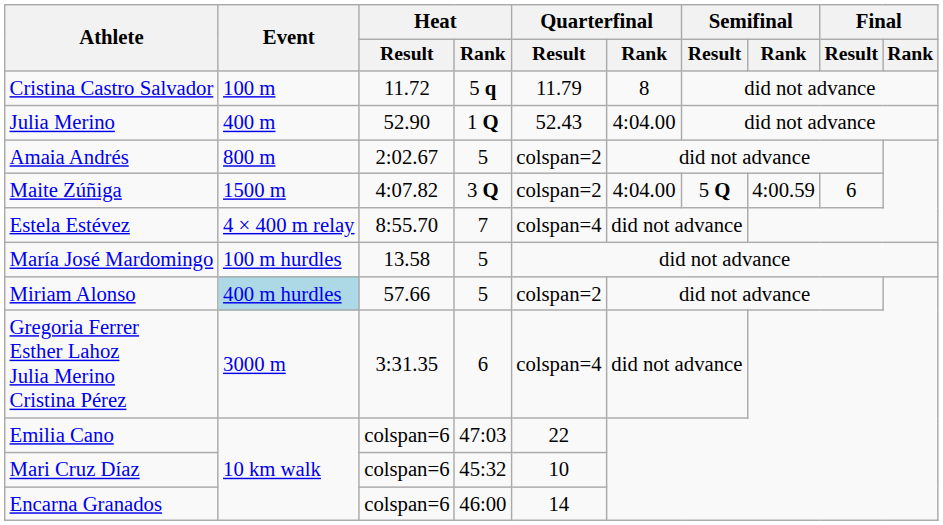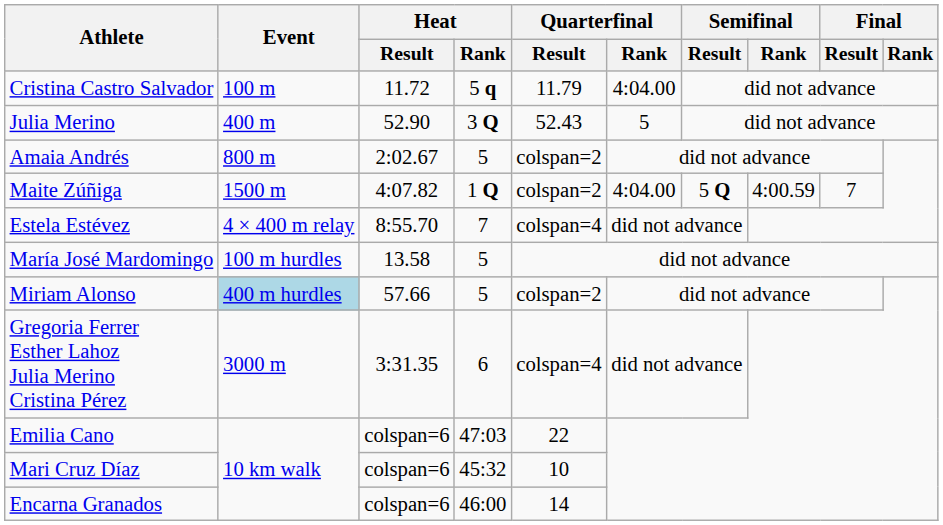 <table class="wikitable" style="font-size:90%">
 <tr>
 <th rowspan="2">Athlete</th>
 <th rowspan="2">Event</th>
 <th colspan="2">Heat</th>
 <th colspan="2">Quarterfinal</th>
 <th colspan="2">Semifinal</th>
 <th colspan="2">Final</th>
 </tr>
 <tr style="font-size:95%">
 <th>Result</th>
 <th>Rank</th>
 <th>Result</th>
 <th>Rank</th>
 <th>Result</th>
 <th>Rank</th>
 <th>Result</th>
 <th>Rank</th>
 </tr>
 <tr align=center>
 <td align=left><a href='#'>Cristina Castro Salvador</a></td>
 <td align=left><a href='#'>100 m</a></td>
 <td>11.72</td>
 <td>5 <strong>q</strong></td>
 <td>11.79</td>
-<td>8</td>
+<td>4:04.00</td>
 <td colspan=4>did not advance</td>
 </tr>
 <tr align=center>
 <td align=left><a href='#'>Julia Merino</a></td>
 <td align=left><a href='#'>400 m</a></td>
 <td>52.90</td>
-<td>1 <strong>Q</strong></td>
+<td>3 <strong>Q</strong></td>
 <td>52.43</td>
-<td>4:04.00</td>
+<td>5</td>
 <td colspan=4>did not advance</td>
 </tr>
 <tr align=center>
 <td align=left><a href='#'>Amaia Andrés</a></td>
 <td align=left><a href='#'>800 m</a></td>
 <td>2:02.67</td>
 <td>5</td>
 <td>colspan=2 </td>
 <td colspan=4>did not advance</td>
 </tr>
 <tr align=center>
 <td align=left><a href='#'>Maite Zúñiga</a></td>
 <td align=left><a href='#'>1500 m</a></td>
 <td>4:07.82</td>
-<td>3 <strong>Q</strong></td>
+<td>1 <strong>Q</strong></td>
 <td>colspan=2 </td>
 <td>4:04.00</td>
 <td>5 <strong>Q</strong></td>
 <td>4:00.59</td>
-<td>6</td>
+<td>7</td>
 </tr>
 <tr align=center>
 <td align=left><a href='#'>Estela Estévez</a></td>
 <td align=left><a href='#'>4 × 400 m relay</a></td>
 <td>8:55.70</td>
 <td>7</td>
 <td>colspan=4 </td>
 <td colspan=2>did not advance</td>
 </tr>
 <tr align=center>
 <td align=left><a href='#'>María José Mardomingo</a></td>
 <td align=left><a href='#'>100 m hurdles</a></td>
 <td>13.58</td>
 <td>5</td>
 <td colspan=6>did not advance</td>
 </tr>
 <tr align=center>
 <td align=left><a href='#'>Miriam Alonso</a></td>
 <td align=left style="background: lightblue;"><a href='#'>400 m hurdles</a></td>
 <td>57.66</td>
 <td>5</td>
 <td>colspan=2 </td>
 <td colspan=4>did not advance</td>
 </tr>
 <tr align=center>
 <td align=left><a href='#'>Gregoria Ferrer</a><br><a href='#'>Esther Lahoz</a><br><a href='#'>Julia Merino</a><br><a href='#'>Cristina Pérez</a></td>
 <td align=left><a href='#'>3000 m</a></td>
 <td>3:31.35</td>
 <td>6</td>
 <td>colspan=4 </td>
 <td colspan=2>did not advance</td>
 </tr>
 <tr align=center>
 <td align=left><a href='#'>Emilia Cano</a></td>
 <td align=left rowspan=3><a href='#'>10 km walk</a></td>
 <td>colspan=6 </td>
 <td>47:03</td>
 <td>22</td>
 </tr>
 <tr align=center>
 <td align=left><a href='#'>Mari Cruz Díaz</a></td>
 <td>colspan=6 </td>
 <td>45:32</td>
 <td>10</td>
 </tr>
 <tr align=center>
 <td align=left><a href='#'>Encarna Granados</a></td>
 <td>colspan=6 </td>
 <td>46:00</td>
 <td>14</td>
 </tr>
 </table>
